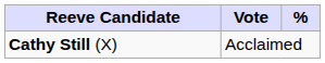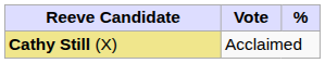 <table class="wikitable">
 <tr>
 <th style="background:#ddf; width:200px;">Reeve Candidate</th>
 <th style="background:#ddf; width:50px;">Vote</th>
 <th style="background:#ddf; width:30px;">%</th>
 </tr>
 <tr>
-<td><strong>Cathy Still</strong> (X)</td>
+<td style="background: khaki;"><strong>Cathy Still</strong> (X)</td>
 <td colspan="2">Acclaimed</td>
 </tr>
 </table>
